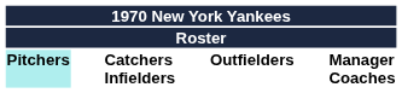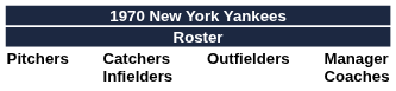 <table class="toccolours" style="font-size: 95%;">
 <tr>
 <th colspan="10" style="background-color: #1c2841; color: white; text-align: center;">1970 New York Yankees</th>
 </tr>
 <tr>
 <td colspan="10" style="background-color: #1c2841; color: white; text-align: center;"><strong>Roster</strong></td>
 </tr>
 <tr>
-<td valign="top" style="background: paleturquoise;"><strong>Pitchers</strong><br>                </td>
+<td valign="top"><strong>Pitchers</strong><br>                </td>
 <td width="25px"></td>
 <td valign="top"><strong>Catchers</strong><br>  <strong>Infielders</strong>         </td>
 <td width="25px"></td>
 <td valign="top"><strong>Outfielders</strong><br>     </td>
 <td width="25px"></td>
 <td valign="top"><strong>Manager</strong><br> <strong>Coaches</strong>     </td>
 </tr>
 </table>
